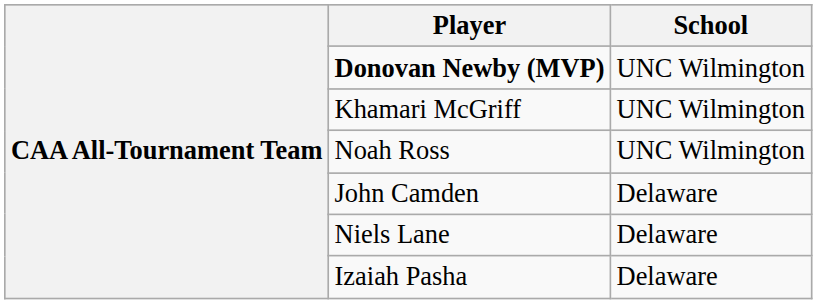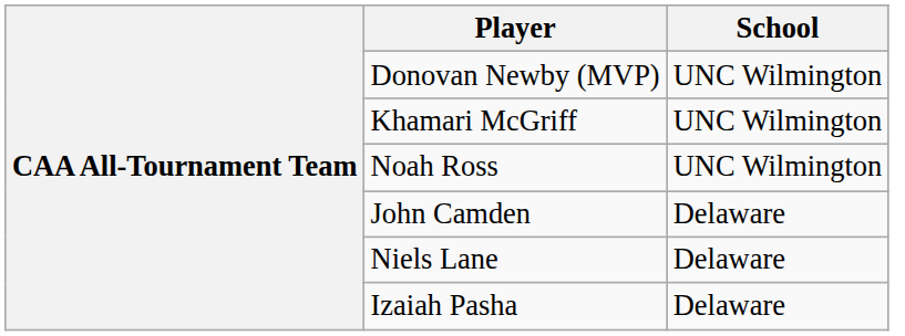 <table class="wikitable">
 <tr>
 <th rowspan="7">CAA All-Tournament Team</th>
 <th>Player</th>
 <th>School</th>
 </tr>
 <tr>
-<td><strong>Donovan Newby (MVP)</strong></td>
+<td>Donovan Newby (MVP)</td>
 <td>UNC Wilmington</td>
 </tr>
 <tr>
 <td>Khamari McGriff</td>
 <td>UNC Wilmington</td>
 </tr>
 <tr>
 <td>Noah Ross</td>
 <td>UNC Wilmington</td>
 </tr>
 <tr>
 <td>John Camden</td>
 <td>Delaware</td>
 </tr>
 <tr>
 <td>Niels Lane</td>
 <td>Delaware</td>
 </tr>
 <tr>
 <td>Izaiah Pasha</td>
 <td>Delaware</td>
 </tr>
 </table>
